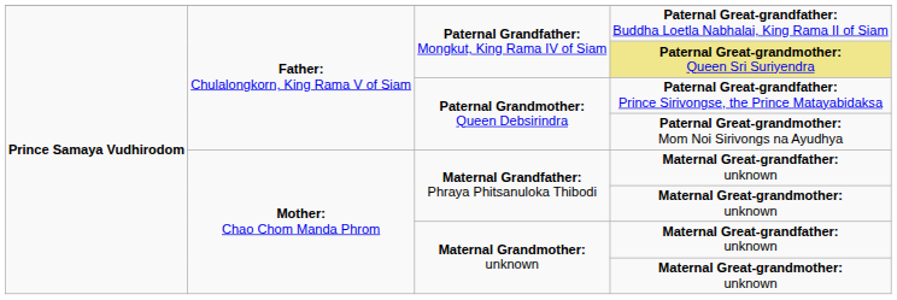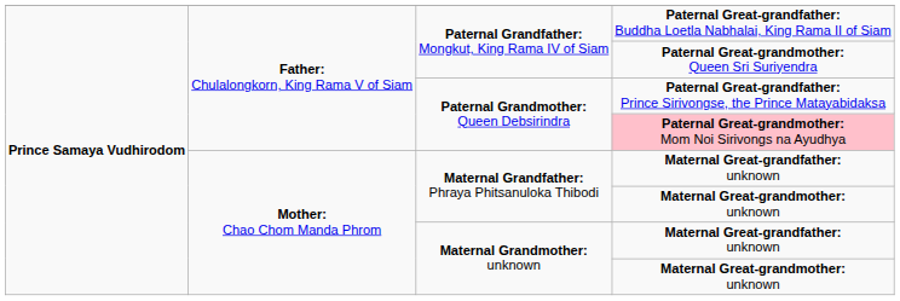 <table class="wikitable">
 <tr>
 </tr>
 <tr>
 <td rowspan="8" align="center"><strong>Prince Samaya Vudhirodom</strong></td>
 <td rowspan="4" align="center"><strong>Father:</strong><br><a href='#'>Chulalongkorn, King Rama V of Siam</a></td>
 <td rowspan="2" align="center"><strong>Paternal Grandfather:</strong><br><a href='#'>Mongkut, King Rama IV of Siam</a></td>
 <td align = "center"><strong>Paternal Great-grandfather:</strong><br><a href='#'>Buddha Loetla Nabhalai, King Rama II of Siam</a></td>
 </tr>
 <tr>
-<td align = "center" style="background: khaki;"><strong>Paternal Great-grandmother:</strong><br><a href='#'>Queen Sri Suriyendra</a></td>
+<td align = "center"><strong>Paternal Great-grandmother:</strong><br><a href='#'>Queen Sri Suriyendra</a></td>
 </tr>
 <tr>
 <td rowspan="2" align="center"><strong>Paternal Grandmother:</strong><br><a href='#'>Queen Debsirindra</a></td>
 <td align = "center"><strong>Paternal Great-grandfather:</strong><br><a href='#'>Prince Sirivongse, the Prince Matayabidaksa</a></td>
 </tr>
 <tr>
-<td align = "center"><strong>Paternal Great-grandmother:</strong><br>Mom Noi Sirivongs na Ayudhya</td>
+<td align = "center" style="background: pink;"><strong>Paternal Great-grandmother:</strong><br>Mom Noi Sirivongs na Ayudhya</td>
 </tr>
 <tr>
 <td rowspan="4" align="center"><strong>Mother:</strong><br><a href='#'>Chao Chom Manda Phrom</a></td>
 <td rowspan="2" align="center"><strong>Maternal Grandfather:</strong><br>Phraya Phitsanuloka Thibodi</td>
 <td align = "center"><strong>Maternal Great-grandfather:</strong><br>unknown</td>
 </tr>
 <tr>
 <td align = "center"><strong>Maternal Great-grandmother:</strong><br>unknown</td>
 </tr>
 <tr>
 <td rowspan="2" align="center"><strong>Maternal Grandmother:</strong><br>unknown</td>
 <td align = "center"><strong>Maternal Great-grandfather:</strong><br>unknown</td>
 </tr>
 <tr>
 <td align = "center"><strong>Maternal Great-grandmother:</strong><br>unknown</td>
 </tr>
 </table>
